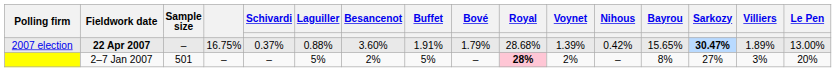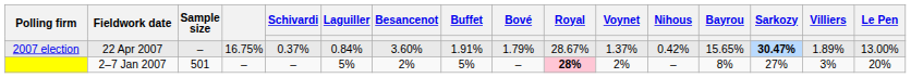 <table class="wikitable sortable" style="text-align:center;font-size:90%;line-height:14px;">
 <tr style="height:40px;">
 <th style="width:100px;" rowspan="2">Polling firm</th>
 <th style="width:110px;" rowspan="2">Fieldwork date</th>
 <th style="width:35px;" rowspan="2">Sample<br>size</th>
 <th style="width:30px;" rowspan="2"></th>
 <th class="unsortable" style="width:60px;"><a href='#'>Schivardi</a><br></th>
 <th class="unsortable" style="width:60px;"><a href='#'>Laguiller</a><br></th>
 <th class="unsortable" style="width:60px;"><a href='#'>Besancenot</a><br></th>
 <th class="unsortable" style="width:60px;"><a href='#'>Buffet</a><br></th>
 <th class="unsortable" style="width:60px;"><a href='#'>Bové</a><br></th>
 <th class="unsortable" style="width:60px;"><a href='#'>Royal</a><br></th>
 <th class="unsortable" style="width:60px;"><a href='#'>Voynet</a><br></th>
 <th class="unsortable" style="width:60px;"><a href='#'>Nihous</a><br></th>
 <th class="unsortable" style="width:60px;"><a href='#'>Bayrou</a><br></th>
 <th class="unsortable" style="width:60px;"><a href='#'>Sarkozy</a><br></th>
 <th class="unsortable" style="width:60px;"><a href='#'>Villiers</a><br></th>
 <th class="unsortable" style="width:60px;"><a href='#'>Le Pen</a><br></th>
 </tr>
 <tr>
 <th style="background:"></th>
 <th style="background:"></th>
 <th style="background:"></th>
 <th style="background:"></th>
 <th style="background:"></th>
 <th style="background:"></th>
 <th style="background:"></th>
 <th style="background:"></th>
 <th style="background:"></th>
 <th style="background:"></th>
 <th style="background:"></th>
 <th style="background:"></th>
 </tr>
 <tr style="background:#E9E9E9;">
 <td><a href='#'>2007 election</a></td>
-<td data-sort-value="2007-04-22"><strong>22 Apr 2007</strong></td>
+<td data-sort-value="2007-04-22">22 Apr 2007</td>
 <td>–</td>
 <td>16.75%</td>
 <td>0.37%</td>
-<td>0.88%</td>
+<td>0.84%</td>
 <td>3.60%</td>
 <td>1.91%</td>
 <td>1.79%</td>
-<td>28.68%</td>
-<td>1.39%</td>
+<td>28.67%</td>
+<td>1.37%</td>
 <td>0.42%</td>
 <td>15.65%</td>
 <td style="background:#B9DAFF;"><strong>30.47%</strong></td>
 <td>1.89%</td>
 <td>13.00%</td>
 </tr>
 <tr>
 <td style="background:yellow;"></td>
 <td data-sort-value="2007-01-07">2–7 Jan 2007</td>
 <td>501</td>
 <td>–</td>
 <td>–</td>
 <td>5%</td>
 <td>2%</td>
 <td>5%</td>
 <td>–</td>
 <td style="background:#FFC6D5;"><strong>28%</strong></td>
 <td>2%</td>
 <td>–</td>
 <td>8%</td>
 <td>27%</td>
 <td>3%</td>
 <td>20%</td>
 </tr>
 </table>
